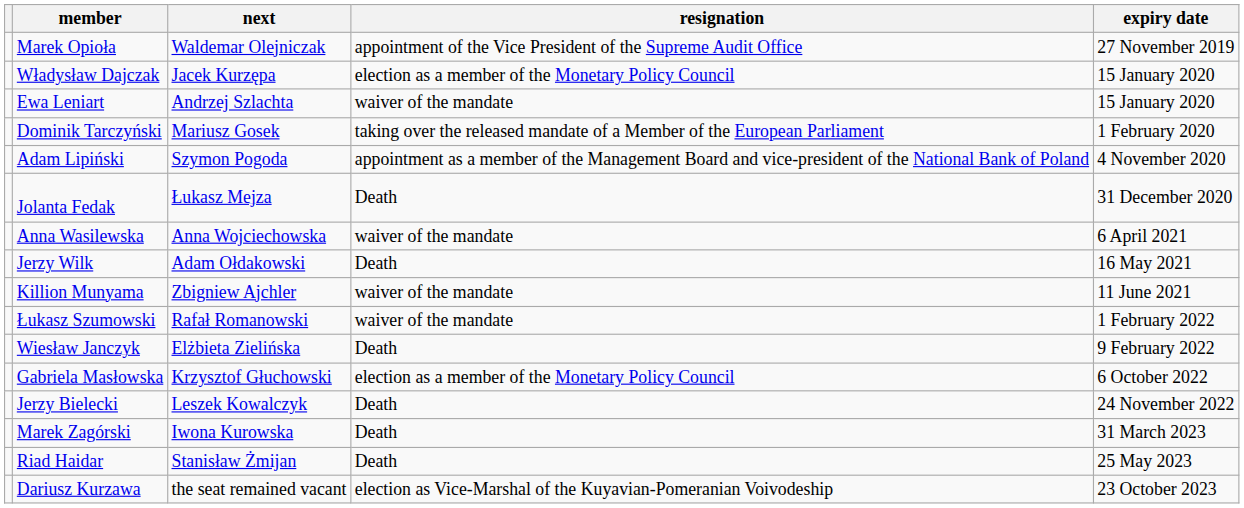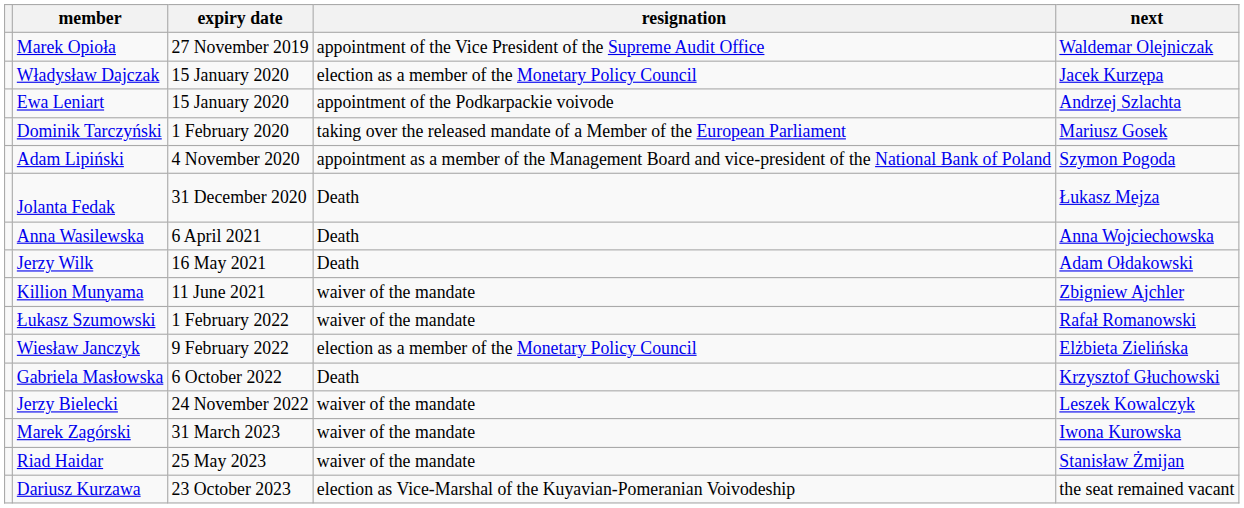 <table class="wikitable">
 <tr>
 <th></th>
 <th>member</th>
+<th>expiry date</th>
+<th>resignation</th>
 <th>next</th>
-<th>resignation</th>
-<th>expiry date</th>
 </tr>
 <tr>
 <td style="background:"></td>
 <td><a href='#'>Marek Opioła</a></td>
+<td>27 November 2019</td>
+<td>appointment of the Vice President of the <a href='#'>Supreme Audit Office</a></td>
 <td><a href='#'>Waldemar Olejniczak</a></td>
-<td>appointment of the Vice President of the <a href='#'>Supreme Audit Office</a></td>
-<td>27 November 2019</td>
 </tr>
 <tr>
 <td style="background:"></td>
 <td><a href='#'>Władysław Dajczak</a></td>
+<td>15 January 2020</td>
+<td>election as a member of the <a href='#'>Monetary Policy Council</a></td>
 <td><a href='#'>Jacek Kurzępa</a></td>
-<td>election as a member of the <a href='#'>Monetary Policy Council</a></td>
-<td>15 January 2020</td>
 </tr>
 <tr>
 <td style="background:"></td>
 <td><a href='#'>Ewa Leniart</a></td>
+<td>15 January 2020</td>
+<td>appointment of the Podkarpackie voivode</td>
 <td><a href='#'>Andrzej Szlachta</a></td>
-<td>waiver of the mandate</td>
-<td>15 January 2020</td>
 </tr>
 <tr>
 <td style="background:"></td>
 <td><a href='#'>Dominik Tarczyński</a></td>
+<td>1 February 2020</td>
+<td>taking over the released mandate of a Member of the <a href='#'>European Parliament</a></td>
 <td><a href='#'>Mariusz Gosek</a></td>
-<td>taking over the released mandate of a Member of the <a href='#'>European Parliament</a></td>
-<td>1 February 2020</td>
 </tr>
 <tr>
 <td style="background:"></td>
 <td><a href='#'>Adam Lipiński</a></td>
+<td>4 November 2020</td>
+<td>appointment as a member of the Management Board and vice-president of the <a href='#'>National Bank of Poland</a></td>
 <td><a href='#'>Szymon Pogoda</a></td>
-<td>appointment as a member of the Management Board and vice-president of the <a href='#'>National Bank of Poland</a></td>
-<td>4 November 2020</td>
 </tr>
 <tr>
 <td style="background:"></td>
 <td><br><a href='#'>Jolanta Fedak</a></td>
+<td>31 December 2020</td>
+<td>Death</td>
 <td><a href='#'>Łukasz Mejza</a></td>
-<td>Death</td>
-<td>31 December 2020</td>
 </tr>
 <tr>
 <td style="background:"></td>
 <td><a href='#'>Anna Wasilewska</a></td>
+<td>6 April 2021</td>
+<td>Death</td>
 <td><a href='#'>Anna Wojciechowska</a></td>
-<td>waiver of the mandate</td>
-<td>6 April 2021</td>
 </tr>
 <tr>
 <td style="background:"></td>
 <td><a href='#'>Jerzy Wilk</a></td>
+<td>16 May 2021</td>
+<td>Death</td>
 <td><a href='#'>Adam Ołdakowski</a></td>
-<td>Death</td>
-<td>16 May 2021</td>
 </tr>
 <tr>
 <td style="background:"></td>
 <td><a href='#'>Killion Munyama</a></td>
+<td>11 June 2021</td>
+<td>waiver of the mandate</td>
 <td><a href='#'>Zbigniew Ajchler</a></td>
-<td>waiver of the mandate</td>
-<td>11 June 2021</td>
 </tr>
 <tr>
 <td style="background:"></td>
 <td><a href='#'>Łukasz Szumowski</a></td>
+<td>1 February 2022</td>
+<td>waiver of the mandate</td>
 <td><a href='#'>Rafał Romanowski</a></td>
-<td>waiver of the mandate</td>
-<td>1 February 2022</td>
 </tr>
 <tr>
 <td style="background:"></td>
 <td><a href='#'>Wiesław Janczyk</a></td>
+<td>9 February 2022</td>
+<td>election as a member of the <a href='#'>Monetary Policy Council</a></td>
 <td><a href='#'>Elżbieta Zielińska</a></td>
-<td>Death</td>
-<td>9 February 2022</td>
 </tr>
 <tr>
 <td style="background:"></td>
 <td><a href='#'>Gabriela Masłowska</a></td>
+<td>6 October 2022</td>
+<td>Death</td>
 <td><a href='#'>Krzysztof Głuchowski</a></td>
-<td>election as a member of the <a href='#'>Monetary Policy Council</a></td>
-<td>6 October 2022</td>
 </tr>
 <tr>
 <td style="background:"></td>
 <td><a href='#'>Jerzy Bielecki</a></td>
+<td>24 November 2022</td>
+<td>waiver of the mandate</td>
 <td><a href='#'>Leszek Kowalczyk</a></td>
-<td>Death</td>
-<td>24 November 2022</td>
 </tr>
 <tr>
 <td style="background:"></td>
 <td><a href='#'>Marek Zagórski</a></td>
+<td>31 March 2023</td>
+<td>waiver of the mandate</td>
 <td><a href='#'>Iwona Kurowska</a></td>
-<td>Death</td>
-<td>31 March 2023</td>
 </tr>
 <tr>
 <td style="background:"></td>
 <td><a href='#'>Riad Haidar</a></td>
+<td>25 May 2023</td>
+<td>waiver of the mandate</td>
 <td><a href='#'>Stanisław Żmijan</a></td>
-<td>Death</td>
-<td>25 May 2023</td>
 </tr>
 <tr>
 <td style="background:"></td>
 <td><a href='#'>Dariusz Kurzawa</a></td>
+<td>23 October 2023</td>
+<td>election as Vice-Marshal of the Kuyavian-Pomeranian Voivodeship</td>
 <td>the seat remained vacant</td>
-<td>election as Vice-Marshal of the Kuyavian-Pomeranian Voivodeship</td>
-<td>23 October 2023</td>
 </tr>
 </table>
